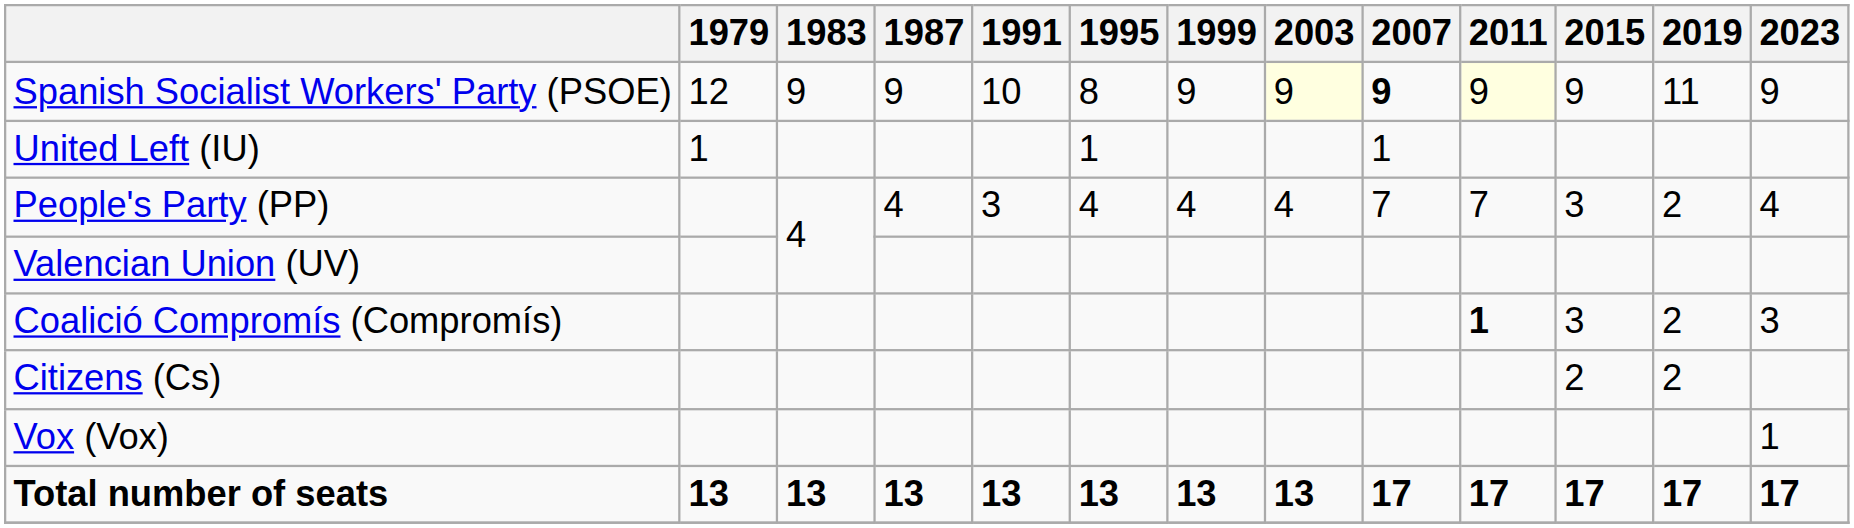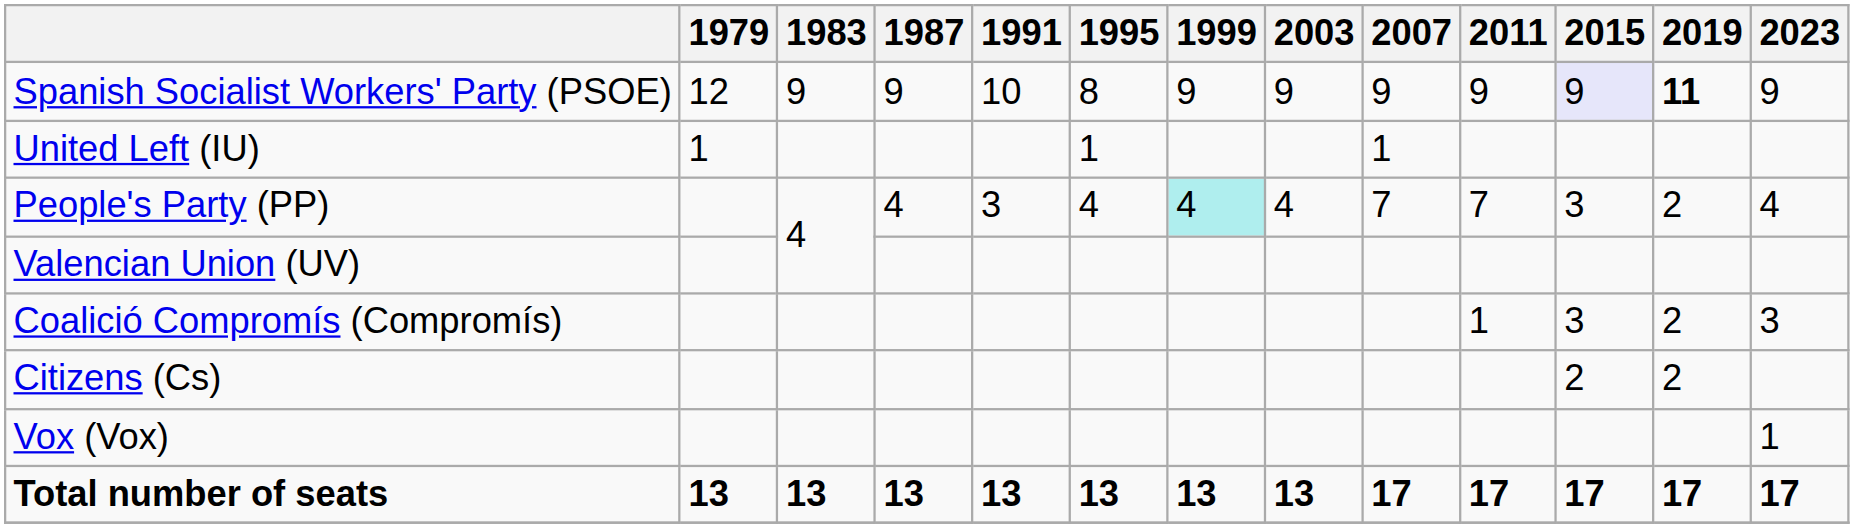 <table class="wikitable">
 <tr>
 <th></th>
 <th>1979</th>
 <th>1983</th>
 <th>1987</th>
 <th>1991</th>
 <th>1995</th>
 <th>1999</th>
 <th>2003</th>
 <th>2007</th>
 <th>2011</th>
 <th>2015</th>
 <th>2019</th>
 <th>2023</th>
 </tr>
 <tr>
 <td><a href='#'>Spanish Socialist Workers' Party</a> (PSOE)</td>
 <td>12</td>
 <td>9</td>
 <td>9</td>
 <td>10</td>
 <td>8</td>
 <td>9</td>
-<td style="background: lightyellow;">9</td>
-<td><strong>9</strong></td>
-<td style="background: lightyellow;">9</td>
 <td>9</td>
-<td>11</td>
+<td>9</td>
+<td>9</td>
+<td style="background: lavender;">9</td>
+<td><strong>11</strong></td>
 <td>9</td>
 </tr>
 <tr>
 <td><a href='#'>United Left</a> (IU)</td>
 <td>1</td>
 <td></td>
 <td></td>
 <td></td>
 <td>1</td>
 <td></td>
 <td></td>
 <td>1</td>
 <td></td>
 <td></td>
 <td></td>
 <td></td>
 </tr>
 <tr>
 <td><a href='#'>People's Party</a> (PP)</td>
 <td></td>
 <td rowspan=2>4</td>
 <td>4</td>
 <td>3</td>
 <td>4</td>
-<td>4</td>
+<td style="background: paleturquoise;">4</td>
 <td>4</td>
 <td>7</td>
 <td>7</td>
 <td>3</td>
 <td>2</td>
 <td>4</td>
 </tr>
 <tr>
 <td><a href='#'>Valencian Union</a> (UV)</td>
 <td></td>
 <td></td>
 <td></td>
 <td></td>
 <td></td>
 <td></td>
 <td></td>
 <td></td>
 <td></td>
 <td></td>
 <td></td>
 </tr>
 <tr>
 <td><a href='#'>Coalició Compromís</a> (Compromís)</td>
 <td></td>
 <td></td>
 <td></td>
 <td></td>
 <td></td>
 <td></td>
 <td></td>
 <td></td>
-<td><strong>1</strong></td>
+<td>1</td>
 <td>3</td>
 <td>2</td>
 <td>3</td>
 </tr>
 <tr>
 <td><a href='#'>Citizens</a> (Cs)</td>
 <td></td>
 <td></td>
 <td></td>
 <td></td>
 <td></td>
 <td></td>
 <td></td>
 <td></td>
 <td></td>
 <td>2</td>
 <td>2</td>
 <td></td>
 </tr>
 <tr>
 <td><a href='#'>Vox</a> (Vox)</td>
 <td></td>
 <td></td>
 <td></td>
 <td></td>
 <td></td>
 <td></td>
 <td></td>
 <td></td>
 <td></td>
 <td></td>
 <td></td>
 <td>1</td>
 </tr>
 <tr>
 <td><strong>Total number of seats</strong></td>
 <td><strong>13</strong></td>
 <td><strong>13</strong></td>
 <td><strong>13</strong></td>
 <td><strong>13</strong></td>
 <td><strong>13</strong></td>
 <td><strong>13</strong></td>
 <td><strong>13</strong></td>
 <td><strong>17</strong></td>
 <td><strong>17</strong></td>
 <td><strong>17</strong></td>
 <td><strong>17</strong></td>
 <td><strong>17</strong></td>
 </tr>
 <tr>
 </tr>
 </table>
